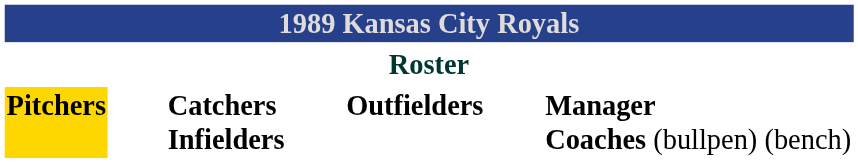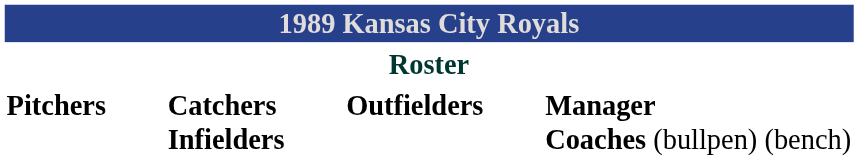 <table class="toccolours" style="font-size: 95%;">
 <tr>
 <th colspan="10" style="background-color: #27408B; color: #DFDCDA; text-align: center;">1989 Kansas City Royals</th>
 </tr>
 <tr>
 <td colspan="10" style="background-color: #FFFFFF; color: #003831; text-align: center;"><strong>Roster</strong></td>
 </tr>
 <tr>
-<td valign="top" style="background: gold;"><strong>Pitchers</strong><br>                 </td>
+<td valign="top"><strong>Pitchers</strong><br>                 </td>
 <td width="25px"></td>
 <td valign="top"><strong>Catchers</strong><br>  <strong>Infielders</strong>         </td>
 <td width="25px"></td>
 <td valign="top"><strong>Outfielders</strong><br>       </td>
 <td width="25px"></td>
 <td valign="top"><strong>Manager</strong><br> <strong>Coaches</strong>  (bullpen)     (bench) </td>
 </tr>
 </table>
